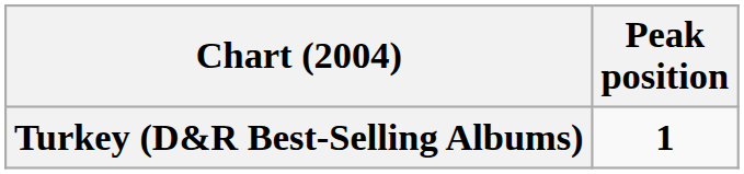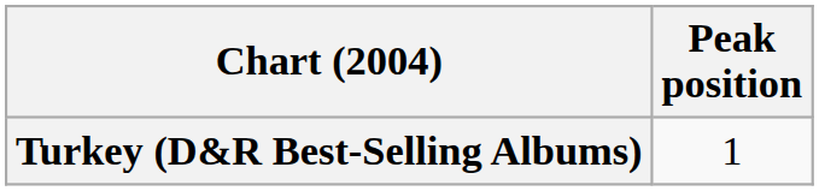 <table class="wikitable plainrowheaders sortable" style="text-align:center;" border="1">
 <tr>
 <th scope="col">Chart (2004)</th>
 <th scope="col">Peak<br>position</th>
 </tr>
 <tr>
 <th scope="row">Turkey (D&R Best-Selling Albums)</th>
-<td><strong>1</strong></td>
+<td>1</td>
 </tr>
 </table>
